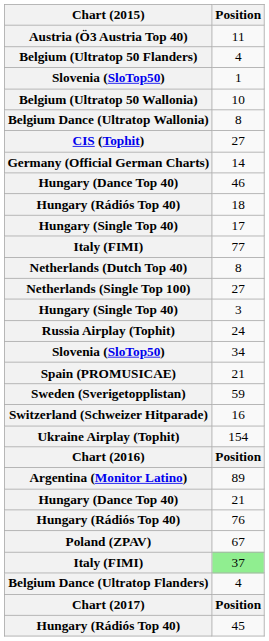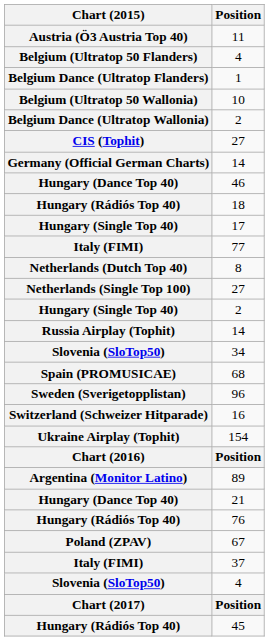 <table class="wikitable sortable plainrowheaders" style="text-align:center;">
 <tr>
 <th scope="col">Chart (2015)</th>
 <th scope="col">Position</th>
 </tr>
 <tr>
 <th scope="row">Austria (Ö3 Austria Top 40)</th>
 <td>11</td>
 </tr>
 <tr>
 <th scope="row">Belgium (Ultratop 50 Flanders)</th>
 <td>4</td>
 </tr>
 <tr>
-<th scope="row">Slovenia (<a href='#'>SloTop50</a>)</th>
+<th scope="row">Belgium Dance (Ultratop Flanders)</th>
 <td>1</td>
 </tr>
 <tr>
 <th scope="row">Belgium (Ultratop 50 Wallonia)</th>
 <td>10</td>
 </tr>
 <tr>
 <th scope="row">Belgium Dance (Ultratop Wallonia)</th>
-<td>8</td>
+<td>2</td>
 </tr>
 <tr>
 <th scope="row"><a href='#'>CIS</a> (<a href='#'>Tophit</a>)</th>
 <td style="text-align:center;">27</td>
 </tr>
 <tr>
 <th scope="row">Germany (Official German Charts)</th>
 <td>14</td>
 </tr>
 <tr>
 <th scope="row">Hungary (Dance Top 40)</th>
 <td>46</td>
 </tr>
 <tr>
 <th scope="row">Hungary (Rádiós Top 40)</th>
 <td>18</td>
 </tr>
 <tr>
 <th scope="row">Hungary (Single Top 40)</th>
 <td>17</td>
 </tr>
 <tr>
 <th scope="row">Italy (FIMI)</th>
 <td>77</td>
 </tr>
 <tr>
 <th scope="row">Netherlands (Dutch Top 40)</th>
 <td>8</td>
 </tr>
 <tr>
 <th scope="row">Netherlands (Single Top 100)</th>
 <td>27</td>
 </tr>
 <tr>
 <th scope="row">Hungary (Single Top 40)</th>
-<td>3</td>
+<td>2</td>
 </tr>
 <tr>
 <th scope="row">Russia Airplay (Tophit)</th>
-<td style="text-align:center;">24</td>
+<td style="text-align:center;">14</td>
 </tr>
 <tr>
 <th scope="row">Slovenia (<a href='#'>SloTop50</a>)</th>
 <td align=center>34</td>
 </tr>
 <tr>
 <th scope="row">Spain (PROMUSICAE)</th>
-<td>21</td>
+<td>68</td>
 </tr>
 <tr>
 <th scope="row">Sweden (Sverigetopplistan)</th>
-<td>59</td>
+<td>96</td>
 </tr>
 <tr>
 <th scope="row">Switzerland (Schweizer Hitparade)</th>
 <td>16</td>
 </tr>
 <tr>
 <th scope="row">Ukraine Airplay (Tophit)</th>
 <td style="text-align:center;">154</td>
 </tr>
 <tr>
 <th scope="col">Chart (2016)</th>
 <th scope="col">Position</th>
 </tr>
 <tr>
 <th scope="row">Argentina (<a href='#'>Monitor Latino</a>)</th>
 <td>89</td>
 </tr>
 <tr>
 <th scope="row">Hungary (Dance Top 40)</th>
 <td>21</td>
 </tr>
 <tr>
 <th scope="row">Hungary (Rádiós Top 40)</th>
 <td>76</td>
 </tr>
 <tr>
 <th scope="row">Poland (ZPAV)</th>
 <td>67</td>
 </tr>
 <tr>
 <th scope="row">Italy (FIMI)</th>
-<td style="background: lightgreen;">37</td>
+<td>37</td>
 </tr>
 <tr>
-<th scope="row">Belgium Dance (Ultratop Flanders)</th>
+<th scope="row">Slovenia (<a href='#'>SloTop50</a>)</th>
 <td align=center>4</td>
 </tr>
 <tr>
 <th scope="col">Chart (2017)</th>
 <th scope="col">Position</th>
 </tr>
 <tr>
 <th scope="row">Hungary (Rádiós Top 40)</th>
 <td>45</td>
 </tr>
 </table>
